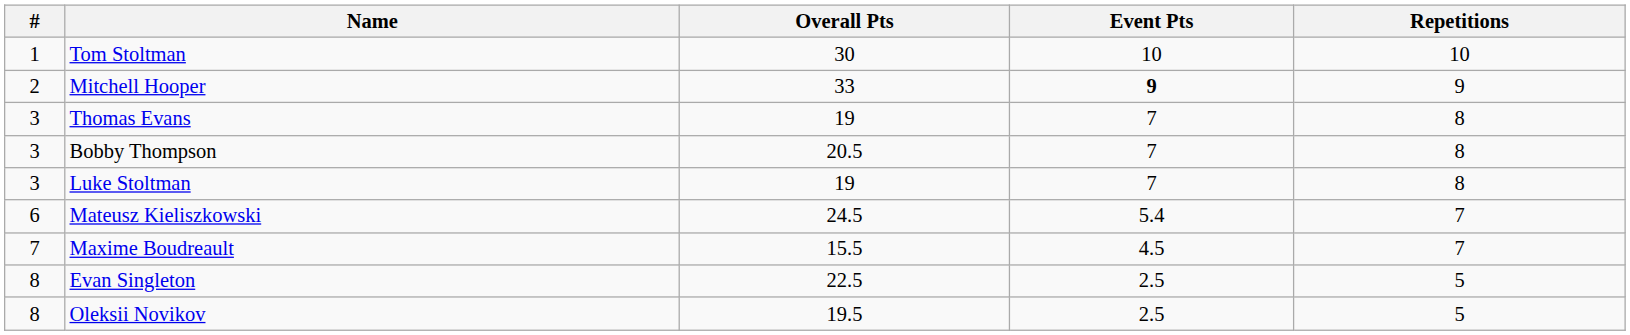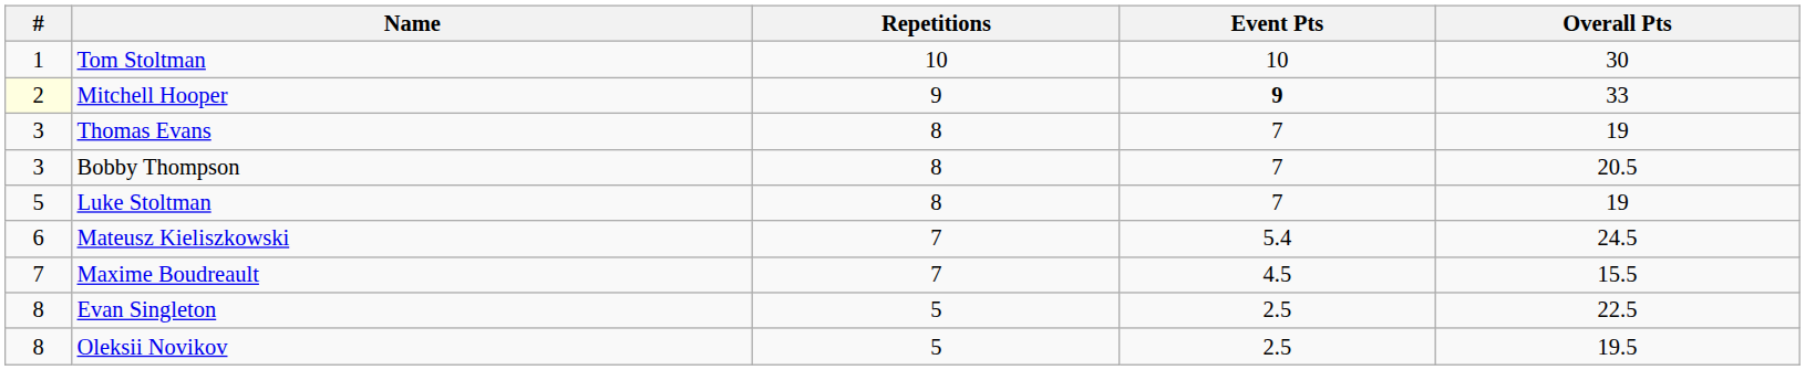 <table class="wikitable sortable" style="display: inline-table;width: 80%; text-align:center">
 <tr>
 <th>#</th>
 <th>Name</th>
+<th>Repetitions</th>
+<th>Event Pts</th>
 <th>Overall Pts</th>
-<th>Event Pts</th>
-<th>Repetitions</th>
 </tr>
 <tr>
 <td>1</td>
 <td align="left"> <a href='#'>Tom Stoltman</a></td>
-<td>30</td>
 <td>10</td>
 <td>10</td>
+<td>30</td>
 </tr>
 <tr>
-<td>2</td>
+<td style="background: lightyellow;">2</td>
 <td align="left"> <a href='#'>Mitchell Hooper</a></td>
+<td>9</td>
+<td><strong>9</strong></td>
 <td>33</td>
-<td><strong>9</strong></td>
-<td>9</td>
 </tr>
 <tr>
 <td>3</td>
 <td align="left"> <a href='#'>Thomas Evans</a></td>
+<td>8</td>
+<td>7</td>
 <td>19</td>
-<td>7</td>
-<td>8</td>
 </tr>
 <tr>
 <td>3</td>
 <td align="left"> Bobby Thompson</td>
+<td>8</td>
+<td>7</td>
 <td>20.5</td>
-<td>7</td>
-<td>8</td>
 </tr>
 <tr>
-<td>3</td>
+<td>5</td>
 <td align="left"> <a href='#'>Luke Stoltman</a></td>
+<td>8</td>
+<td>7</td>
 <td>19</td>
-<td>7</td>
-<td>8</td>
 </tr>
 <tr>
 <td>6</td>
 <td align="left"> <a href='#'>Mateusz Kieliszkowski</a></td>
+<td>7</td>
+<td>5.4</td>
 <td>24.5</td>
-<td>5.4</td>
-<td>7</td>
 </tr>
 <tr>
 <td>7</td>
 <td align="left"> <a href='#'>Maxime Boudreault</a></td>
+<td>7</td>
+<td>4.5</td>
 <td>15.5</td>
-<td>4.5</td>
-<td>7</td>
 </tr>
 <tr>
 <td>8</td>
 <td align="left"> <a href='#'>Evan Singleton</a></td>
+<td>5</td>
+<td>2.5</td>
 <td>22.5</td>
-<td>2.5</td>
-<td>5</td>
 </tr>
 <tr>
 <td>8</td>
 <td align="left"> <a href='#'>Oleksii Novikov</a></td>
+<td>5</td>
+<td>2.5</td>
 <td>19.5</td>
-<td>2.5</td>
-<td>5</td>
 </tr>
 </table>
